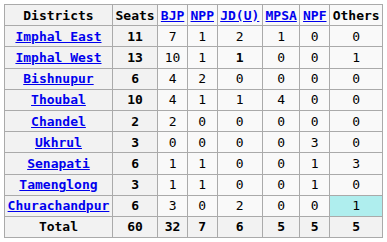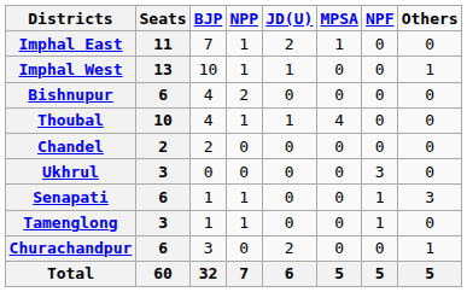 <table class="wikitable" style="text-align:center">
 <tr>
 <th>Districts</th>
 <th>Seats</th>
 <td><a href='#'><span><strong>BJP</strong></span></a></td>
 <td><a href='#'><span><strong>NPP</strong></span></a></td>
 <td><a href='#'><span><strong>JD(U)</strong></span></a></td>
 <td><a href='#'><span><strong>MPSA</strong></span></a></td>
 <td><a href='#'><span><strong>NPF</strong></span></a></td>
 <td><span><strong>Others</strong></span></td>
 </tr>
 <tr>
 <th><a href='#'>Imphal East</a></th>
 <th>11</th>
 <td style="background:">7</td>
 <td>1</td>
 <td>2</td>
 <td>1</td>
 <td>0</td>
 <td>0</td>
 </tr>
 <tr>
 <th><a href='#'>Imphal West</a></th>
 <th>13</th>
 <td style="background:">10</td>
 <td>1</td>
-<td><strong>1</strong></td>
+<td>1</td>
 <td>0</td>
 <td>0</td>
 <td>1</td>
 </tr>
 <tr>
 <th><a href='#'>Bishnupur</a></th>
 <th>6</th>
 <td style="background:">4</td>
 <td>2</td>
 <td>0</td>
 <td>0</td>
 <td>0</td>
 <td>0</td>
 </tr>
 <tr>
 <th><a href='#'>Thoubal</a></th>
 <th>10</th>
 <td>4</td>
 <td>1</td>
 <td>1</td>
 <td>4</td>
 <td>0</td>
 <td>0</td>
 </tr>
 <tr>
 <th><a href='#'>Chandel</a></th>
 <th>2</th>
 <td style="background:">2</td>
 <td>0</td>
 <td>0</td>
 <td>0</td>
 <td>0</td>
 <td>0</td>
 </tr>
 <tr>
 <th><a href='#'>Ukhrul</a></th>
 <th>3</th>
 <td>0</td>
 <td>0</td>
 <td>0</td>
 <td>0</td>
 <td style="background:">3</td>
 <td>0</td>
 </tr>
 <tr>
 <th><a href='#'>Senapati</a></th>
 <th>6</th>
 <td>1</td>
 <td>1</td>
 <td>0</td>
 <td>0</td>
 <td>1</td>
 <td style="background:">3</td>
 </tr>
 <tr>
 <th><a href='#'>Tamenglong</a></th>
 <th>3</th>
 <td>1</td>
 <td>1</td>
 <td>0</td>
 <td>0</td>
 <td>1</td>
 <td>0</td>
 </tr>
 <tr>
 <th><a href='#'>Churachandpur</a></th>
 <th>6</th>
 <td style="background:">3</td>
 <td>0</td>
 <td>2</td>
 <td>0</td>
 <td>0</td>
-<td style="background: paleturquoise;">1</td>
+<td>1</td>
 </tr>
 <tr>
 <th>Total</th>
 <th>60</th>
 <th>32</th>
 <th>7</th>
 <th>6</th>
 <th>5</th>
 <th>5</th>
 <th>5</th>
 </tr>
 </table>
